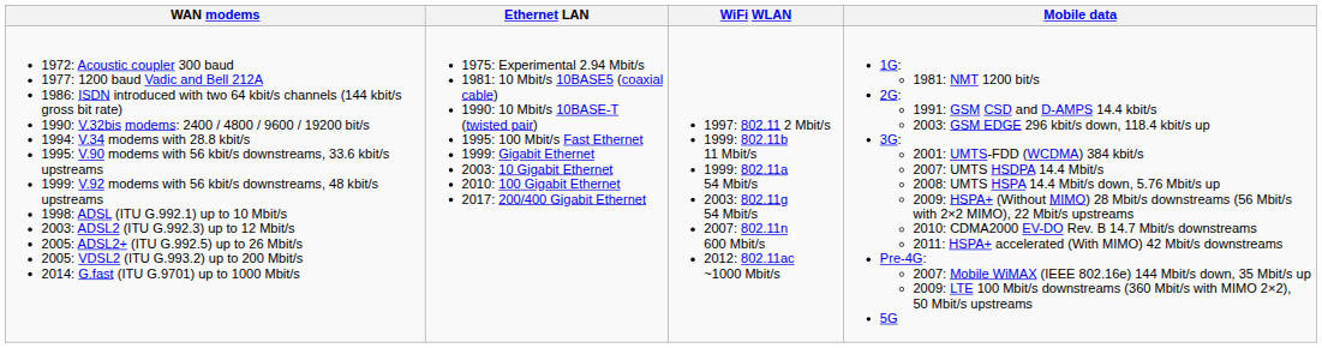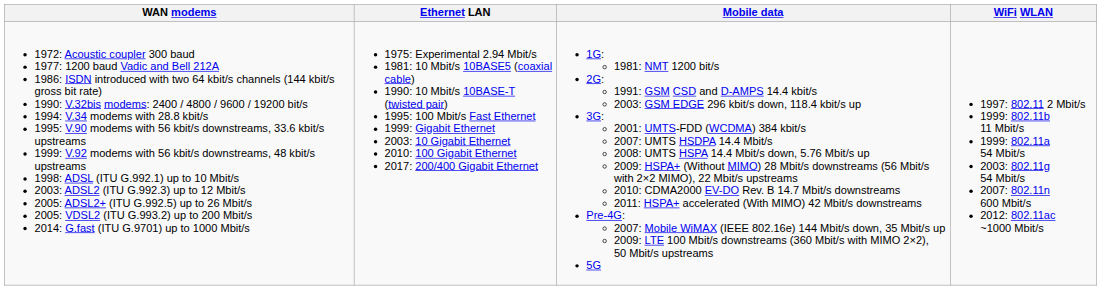 <table class="wikitable" style="margin: 1em auto 1em auto">
 <tr>
 <th width=500px>WAN <a href='#'>modems</a></th>
 <th width=285px><a href='#'>Ethernet</a> LAN</th>
+<th><a href='#'>Mobile data</a></th>
 <th width=205px><a href='#'>WiFi</a> <a href='#'>WLAN</a></th>
-<th><a href='#'>Mobile data</a></th>
 </tr>
 <tr style="vertical-align:top;">
 <td><br><ul><li>1972: <a href='#'>Acoustic coupler</a> 300 baud</li><li>1977: 1200 baud <a href='#'>Vadic and Bell 212A</a></li><li>1986: <a href='#'>ISDN</a> introduced with two 64 kbit/s channels (144 kbit/s gross bit rate)</li><li>1990: <a href='#'>V.32bis</a> <a href='#'>modems</a>: 2400 / 4800 / 9600 / 19200 bit/s</li><li>1994: <a href='#'>V.34</a> modems with 28.8 kbit/s</li><li>1995: <a href='#'>V.90</a> modems with 56 kbit/s downstreams, 33.6 kbit/s upstreams</li><li>1999: <a href='#'>V.92</a> modems with 56 kbit/s downstreams, 48 kbit/s upstreams</li><li>1998: <a href='#'>ADSL</a> (ITU G.992.1) up to 10 Mbit/s</li><li>2003: <a href='#'>ADSL2</a> (ITU G.992.3) up to 12 Mbit/s</li><li>2005: <a href='#'>ADSL2+</a> (ITU G.992.5) up to 26 Mbit/s</li><li>2005: <a href='#'>VDSL2</a> (ITU G.993.2) up to 200 Mbit/s</li><li>2014: <a href='#'>G.fast</a> (ITU G.9701) up to 1000 Mbit/s</li></ul></td>
 <td><br><ul><li>1975: Experimental 2.94 Mbit/s</li><li>1981: 10 Mbit/s <a href='#'>10BASE5</a> (<a href='#'>coaxial cable</a>)</li><li>1990: 10 Mbit/s <a href='#'>10BASE-T</a> (<a href='#'>twisted pair</a>)</li><li>1995: 100 Mbit/s <a href='#'>Fast Ethernet</a></li><li>1999: <a href='#'>Gigabit Ethernet</a></li><li>2003: <a href='#'>10 Gigabit Ethernet</a></li><li>2010: <a href='#'>100 Gigabit Ethernet</a></li><li>2017: <a href='#'>200/400 Gigabit Ethernet</a></li></ul></td>
+<td><br><ul><li><a href='#'>1G</a>:<ul><li>1981: <a href='#'>NMT</a> 1200 bit/s</li></ul></li><li><a href='#'>2G</a>:<ul><li>1991: <a href='#'>GSM</a> <a href='#'>CSD</a> and <a href='#'>D-AMPS</a> 14.4 kbit/s</li><li>2003: <a href='#'>GSM EDGE</a> 296 kbit/s down, 118.4 kbit/s up</li></ul></li><li><a href='#'>3G</a>:<ul><li>2001: <a href='#'>UMTS</a>-FDD (<a href='#'>WCDMA</a>) 384 kbit/s</li><li>2007: UMTS <a href='#'>HSDPA</a> 14.4 Mbit/s</li><li>2008: UMTS <a href='#'>HSPA</a> 14.4 Mbit/s down, 5.76 Mbit/s up</li><li>2009: <a href='#'>HSPA+</a> (Without <a href='#'>MIMO</a>) 28 Mbit/s downstreams (56 Mbit/s with 2×2 MIMO), 22 Mbit/s upstreams</li><li>2010: CDMA2000 <a href='#'>EV-DO</a> Rev. B 14.7 Mbit/s downstreams</li><li>2011: <a href='#'>HSPA+</a> accelerated (With MIMO) 42 Mbit/s downstreams</li></ul></li><li><a href='#'>Pre-4G</a>:<ul><li>2007: <a href='#'>Mobile WiMAX</a> (IEEE 802.16e) 144 Mbit/s down, 35 Mbit/s up</li><li>2009: <a href='#'>LTE</a> 100 Mbit/s downstreams (360 Mbit/s with MIMO 2×2), 50 Mbit/s upstreams</li></ul></li><li><a href='#'>5G</a></li></ul></td>
 <td><br><br><br><br><br><ul><li>1997: <a href='#'>802.11</a> 2 Mbit/s</li><li>1999: <a href='#'>802.11b</a> 11 Mbit/s</li><li>1999: <a href='#'>802.11a</a> 54 Mbit/s</li><li>2003: <a href='#'>802.11g</a> 54 Mbit/s</li><li>2007: <a href='#'>802.11n</a> 600 Mbit/s</li><li>2012: <a href='#'>802.11ac</a> ~1000 Mbit/s</li></ul></td>
-<td><br><ul><li><a href='#'>1G</a>:<ul><li>1981: <a href='#'>NMT</a> 1200 bit/s</li></ul></li><li><a href='#'>2G</a>:<ul><li>1991: <a href='#'>GSM</a> <a href='#'>CSD</a> and <a href='#'>D-AMPS</a> 14.4 kbit/s</li><li>2003: <a href='#'>GSM EDGE</a> 296 kbit/s down, 118.4 kbit/s up</li></ul></li><li><a href='#'>3G</a>:<ul><li>2001: <a href='#'>UMTS</a>-FDD (<a href='#'>WCDMA</a>) 384 kbit/s</li><li>2007: UMTS <a href='#'>HSDPA</a> 14.4 Mbit/s</li><li>2008: UMTS <a href='#'>HSPA</a> 14.4 Mbit/s down, 5.76 Mbit/s up</li><li>2009: <a href='#'>HSPA+</a> (Without <a href='#'>MIMO</a>) 28 Mbit/s downstreams (56 Mbit/s with 2×2 MIMO), 22 Mbit/s upstreams</li><li>2010: CDMA2000 <a href='#'>EV-DO</a> Rev. B 14.7 Mbit/s downstreams</li><li>2011: <a href='#'>HSPA+</a> accelerated (With MIMO) 42 Mbit/s downstreams</li></ul></li><li><a href='#'>Pre-4G</a>:<ul><li>2007: <a href='#'>Mobile WiMAX</a> (IEEE 802.16e) 144 Mbit/s down, 35 Mbit/s up</li><li>2009: <a href='#'>LTE</a> 100 Mbit/s downstreams (360 Mbit/s with MIMO 2×2), 50 Mbit/s upstreams</li></ul></li><li><a href='#'>5G</a></li></ul></td>
 </tr>
 </table>
